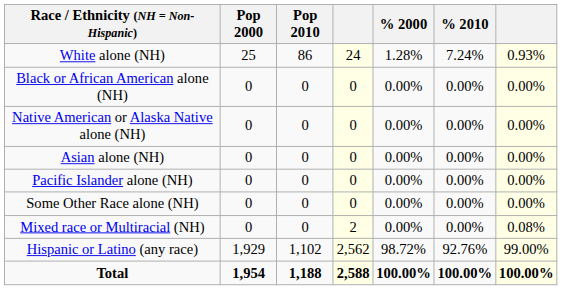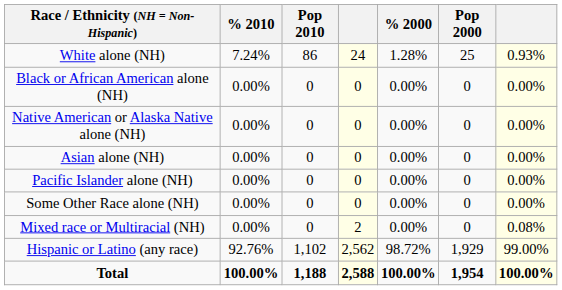 <table class="wikitable" style="text-align:center;">
 <tr>
 <th>Race / Ethnicity <small>(<em>NH = Non-Hispanic</em>)</small></th>
-<th>Pop 2000</th>
+<th>% 2010</th>
 <th>Pop 2010</th>
 <th></th>
 <th>% 2000</th>
-<th>% 2010</th>
+<th>Pop 2000</th>
 <th></th>
 </tr>
 <tr>
 <td><a href='#'>White</a> alone (NH)</td>
-<td>25</td>
+<td>7.24%</td>
 <td>86</td>
 <td style='background: #ffffe6;'>24</td>
 <td>1.28%</td>
-<td>7.24%</td>
+<td>25</td>
 <td style='background: #ffffe6;'>0.93%</td>
 </tr>
 <tr>
 <td><a href='#'>Black or African American</a> alone (NH)</td>
-<td>0</td>
+<td>0.00%</td>
 <td>0</td>
 <td style='background: #ffffe6;'>0</td>
 <td>0.00%</td>
-<td>0.00%</td>
+<td>0</td>
 <td style='background: #ffffe6;'>0.00%</td>
 </tr>
 <tr>
 <td><a href='#'>Native American</a> or <a href='#'>Alaska Native</a> alone (NH)</td>
-<td>0</td>
+<td>0.00%</td>
 <td>0</td>
 <td style='background: #ffffe6;'>0</td>
 <td>0.00%</td>
-<td>0.00%</td>
+<td>0</td>
 <td style='background: #ffffe6;'>0.00%</td>
 </tr>
 <tr>
 <td><a href='#'>Asian</a> alone (NH)</td>
-<td>0</td>
+<td>0.00%</td>
 <td>0</td>
 <td style='background: #ffffe6;'>0</td>
 <td>0.00%</td>
-<td>0.00%</td>
+<td>0</td>
 <td style='background: #ffffe6;'>0.00%</td>
 </tr>
 <tr>
 <td><a href='#'>Pacific Islander</a> alone (NH)</td>
-<td>0</td>
+<td>0.00%</td>
 <td>0</td>
 <td style='background: #ffffe6;'>0</td>
 <td>0.00%</td>
-<td>0.00%</td>
+<td>0</td>
 <td style='background: #ffffe6;'>0.00%</td>
 </tr>
 <tr>
 <td>Some Other Race alone (NH)</td>
-<td>0</td>
+<td>0.00%</td>
 <td>0</td>
 <td style='background: #ffffe6;'>0</td>
 <td>0.00%</td>
-<td>0.00%</td>
+<td>0</td>
 <td style='background: #ffffe6;'>0.00%</td>
 </tr>
 <tr>
 <td><a href='#'>Mixed race or Multiracial</a> (NH)</td>
-<td>0</td>
+<td>0.00%</td>
 <td>0</td>
 <td style='background: #ffffe6;'>2</td>
 <td>0.00%</td>
-<td>0.00%</td>
+<td>0</td>
 <td style='background: #ffffe6;'>0.08%</td>
 </tr>
 <tr>
 <td><a href='#'>Hispanic or Latino</a> (any race)</td>
-<td>1,929</td>
+<td>92.76%</td>
 <td>1,102</td>
 <td style='background: #ffffe6;'>2,562</td>
 <td>98.72%</td>
-<td>92.76%</td>
+<td>1,929</td>
 <td style='background: #ffffe6;'>99.00%</td>
 </tr>
 <tr>
 <td><strong>Total</strong></td>
-<td><strong>1,954</strong></td>
+<td><strong>100.00%</strong></td>
 <td><strong>1,188</strong></td>
 <td style='background: #ffffe6;'><strong>2,588</strong></td>
 <td><strong>100.00%</strong></td>
-<td><strong>100.00%</strong></td>
+<td><strong>1,954</strong></td>
 <td style='background: #ffffe6;'><strong>100.00%</strong></td>
 </tr>
 </table>
